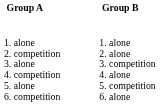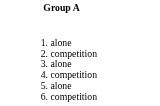 <table style="margin-left:auto;margin-right:auto;">
 <tr>
 <th>Group A</th>
 <th>  </th>
-<th>Group B</th>
 </tr>
 <tr>
 <td><br><ol><li>alone</li><li>competition</li><li>alone</li><li>competition</li><li>alone</li><li>competition</li></ol></td>
 <td>  </td>
-<td><br><ol><li>alone</li><li>alone</li><li>competition</li><li>alone</li><li>competition</li><li>alone</li></ol></td>
 </tr>
 </table>
